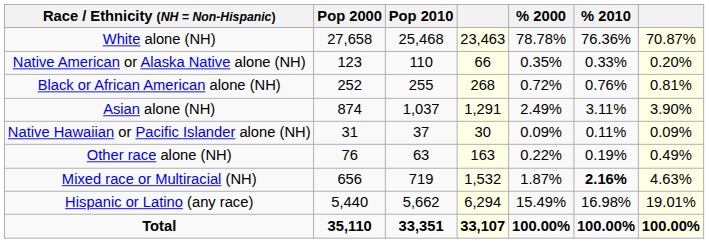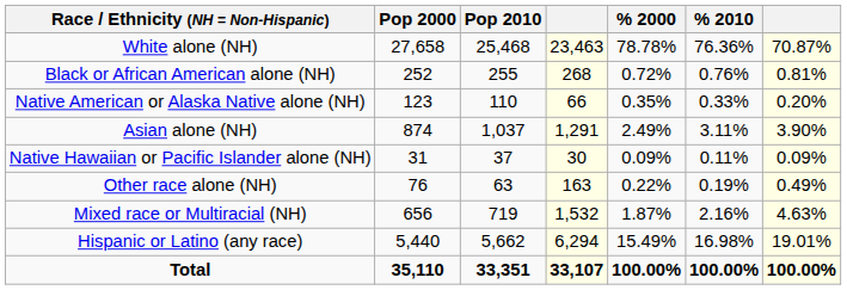 <table class="wikitable" style="text-align:center;">
 <tr>
 <th>Race / Ethnicity <small>(<em>NH = Non-Hispanic</em>)</small></th>
 <th>Pop 2000</th>
 <th>Pop 2010</th>
 <th></th>
 <th>% 2000</th>
 <th>% 2010</th>
 <th></th>
 </tr>
 <tr>
 <td><a href='#'>White</a> alone (NH)</td>
 <td>27,658</td>
 <td>25,468</td>
 <td style='background: #ffffe6;'>23,463</td>
 <td>78.78%</td>
 <td>76.36%</td>
 <td style='background: #ffffe6;'>70.87%</td>
 </tr>
 <tr>
+<td><a href='#'>Black or African American</a> alone (NH)</td>
+<td>252</td>
+<td>255</td>
+<td style='background: #ffffe6;'>268</td>
+<td>0.72%</td>
+<td>0.76%</td>
+<td style='background: #ffffe6;'>0.81%</td>
+</tr>
+<tr>
 <td><a href='#'>Native American</a> or <a href='#'>Alaska Native</a> alone (NH)</td>
 <td>123</td>
 <td>110</td>
 <td style='background: #ffffe6;'>66</td>
 <td>0.35%</td>
 <td>0.33%</td>
 <td style='background: #ffffe6;'>0.20%</td>
-</tr>
-<tr>
-<td><a href='#'>Black or African American</a> alone (NH)</td>
-<td>252</td>
-<td>255</td>
-<td style='background: #ffffe6;'>268</td>
-<td>0.72%</td>
-<td>0.76%</td>
-<td style='background: #ffffe6;'>0.81%</td>
 </tr>
 <tr>
 <td><a href='#'>Asian</a> alone (NH)</td>
 <td>874</td>
 <td>1,037</td>
 <td style='background: #ffffe6;'>1,291</td>
 <td>2.49%</td>
 <td>3.11%</td>
 <td style='background: #ffffe6;'>3.90%</td>
 </tr>
 <tr>
 <td><a href='#'>Native Hawaiian</a> or <a href='#'>Pacific Islander</a> alone (NH)</td>
 <td>31</td>
 <td>37</td>
 <td style='background: #ffffe6;'>30</td>
 <td>0.09%</td>
 <td>0.11%</td>
 <td style='background: #ffffe6;'>0.09%</td>
 </tr>
 <tr>
 <td><a href='#'>Other race</a> alone (NH)</td>
 <td>76</td>
 <td>63</td>
 <td style='background: #ffffe6;'>163</td>
 <td>0.22%</td>
 <td>0.19%</td>
 <td style='background: #ffffe6;'>0.49%</td>
 </tr>
 <tr>
 <td><a href='#'>Mixed race or Multiracial</a> (NH)</td>
 <td>656</td>
 <td>719</td>
 <td style='background: #ffffe6;'>1,532</td>
 <td>1.87%</td>
-<td><strong>2.16%</strong></td>
+<td>2.16%</td>
 <td style='background: #ffffe6;'>4.63%</td>
 </tr>
 <tr>
 <td><a href='#'>Hispanic or Latino</a> (any race)</td>
 <td>5,440</td>
 <td>5,662</td>
 <td style='background: #ffffe6;'>6,294</td>
 <td>15.49%</td>
 <td>16.98%</td>
 <td style='background: #ffffe6;'>19.01%</td>
 </tr>
 <tr>
 <td><strong>Total</strong></td>
 <td><strong>35,110</strong></td>
 <td><strong>33,351</strong></td>
 <td style='background: #ffffe6;'><strong>33,107</strong></td>
 <td><strong>100.00%</strong></td>
 <td><strong>100.00%</strong></td>
 <td style='background: #ffffe6;'><strong>100.00%</strong></td>
 </tr>
 </table>
